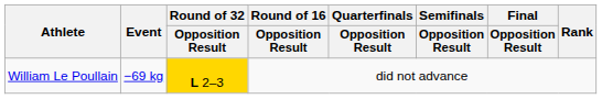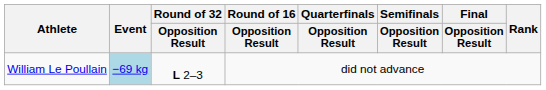 <table class="wikitable" style="font-size:90%;">
 <tr>
 <th rowspan=2>Athlete</th>
 <th rowspan=2>Event</th>
 <th>Round of 32</th>
 <th>Round of 16</th>
 <th>Quarterfinals</th>
 <th>Semifinals</th>
 <th>Final</th>
 <th rowspan=2>Rank</th>
 </tr>
 <tr style="font-size:95%">
 <th>Opposition<br>Result</th>
 <th>Opposition<br>Result</th>
 <th>Opposition<br>Result</th>
 <th>Opposition<br>Result</th>
 <th>Opposition<br>Result</th>
 </tr>
 <tr align=center>
 <td align=left><a href='#'>William Le Poullain</a></td>
-<td align=left><a href='#'>−69 kg</a></td>
-<td style="background: gold;"><br> <strong>L</strong> 2–3</td>
+<td align=left style="background: lightblue;"><a href='#'>−69 kg</a></td>
+<td><br> <strong>L</strong> 2–3</td>
 <td Colspan=5>did not advance</td>
 </tr>
 </table>
